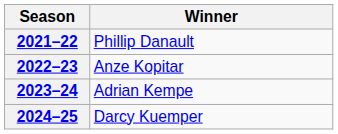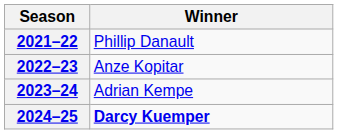 <table class="wikitable">
 <tr>
 <th scope="col" style="width:5em">Season</th>
 <th scope="col" style="width:15em">Winner</th>
 </tr>
 <tr>
 <th scope="row"><a href='#'>2021–22</a></th>
 <td><a href='#'>Phillip Danault</a></td>
 </tr>
 <tr>
 <th scope="row"><a href='#'>2022–23</a></th>
 <td><a href='#'>Anze Kopitar</a></td>
 </tr>
 <tr>
 <th scope="row"><a href='#'>2023–24</a></th>
 <td><a href='#'>Adrian Kempe</a></td>
 </tr>
 <tr>
 <th scope="row"><a href='#'>2024–25</a></th>
-<td><a href='#'>Darcy Kuemper</a></td>
+<td><strong><a href='#'>Darcy Kuemper</a></strong></td>
 </tr>
 </table>
